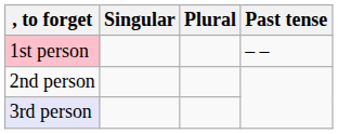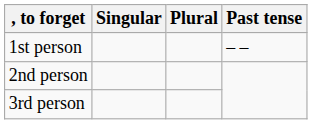 <table class="wikitable">
 <tr>
 <th>, to forget</th>
 <th>Singular</th>
 <th>Plural</th>
 <th>Past tense</th>
 </tr>
 <tr>
-<td style="background: pink;">1st person</td>
+<td>1st person</td>
 <td></td>
 <td></td>
 <td> –  – </td>
 </tr>
 <tr>
 <td>2nd person</td>
 <td></td>
 <td></td>
 </tr>
 <tr>
-<td style="background: lavender;">3rd person</td>
+<td>3rd person</td>
 <td></td>
 <td></td>
 </tr>
 </table>
